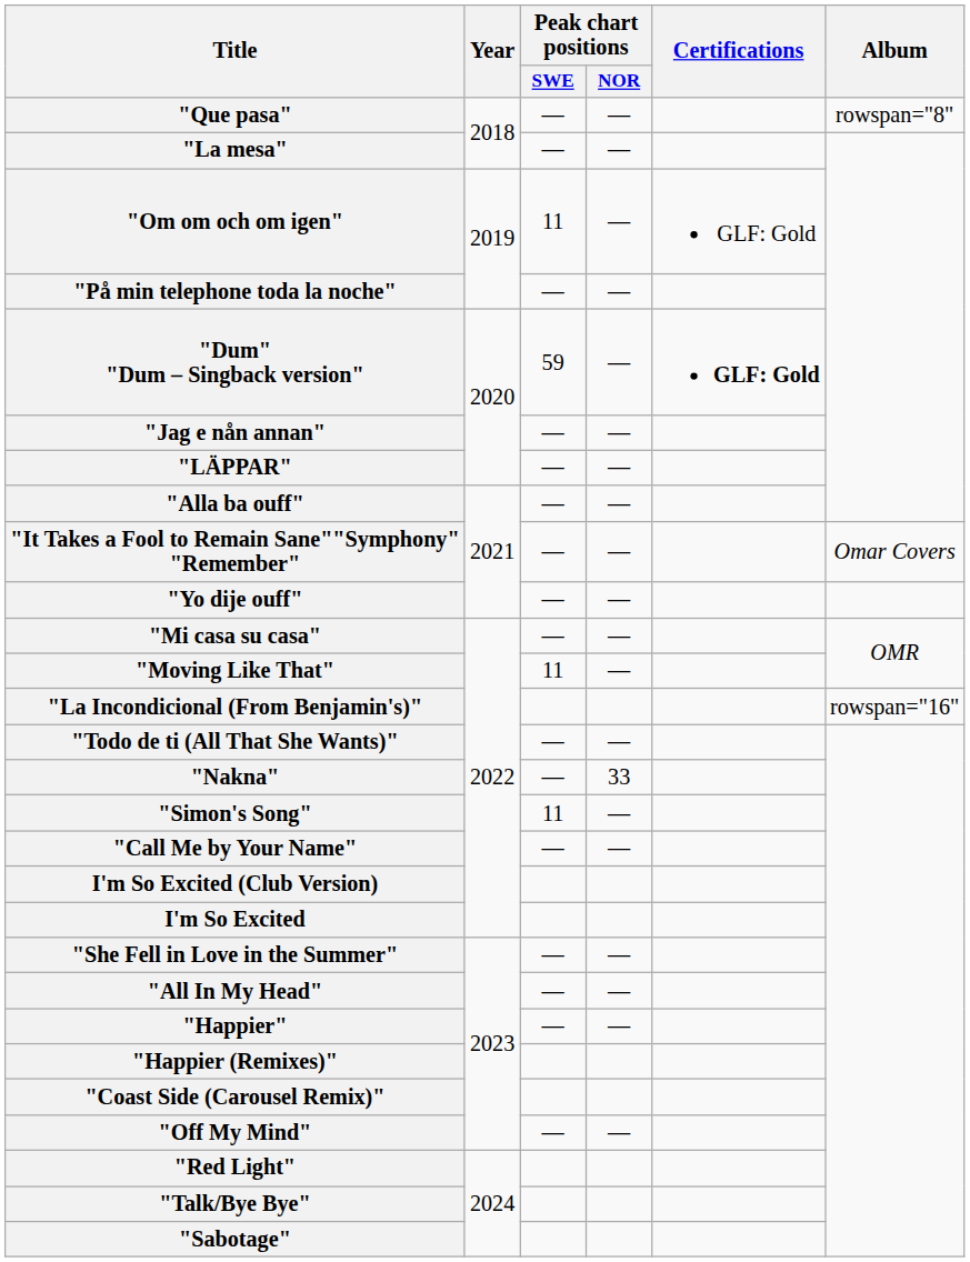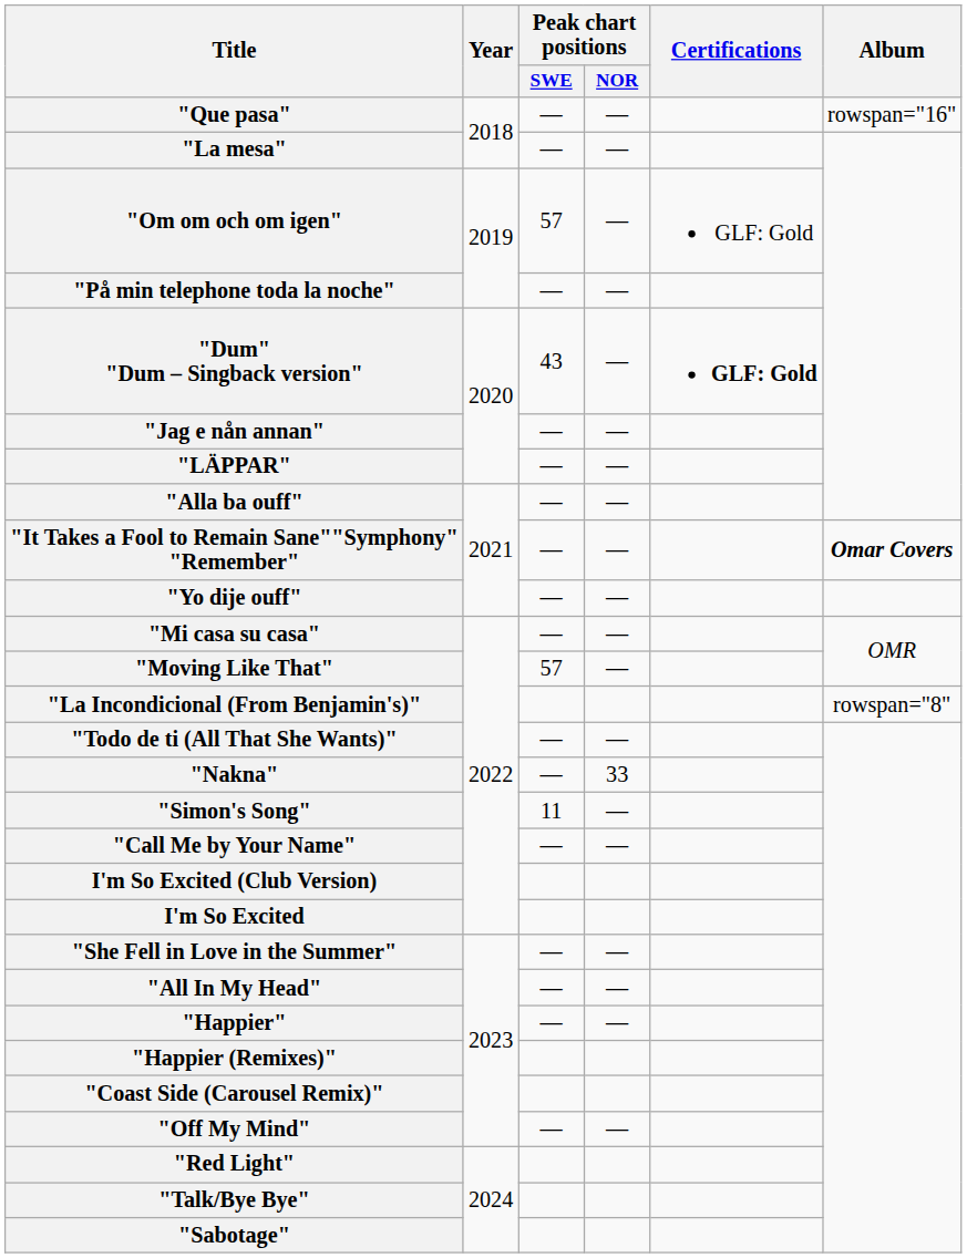 <table class="wikitable plainrowheaders" style="text-align:center;">
 <tr>
 <th scope="col" rowspan="2">Title</th>
 <th scope="col" rowspan="2">Year</th>
 <th scope="col" colspan="2">Peak chart positions</th>
 <th scope="col" rowspan="2"><a href='#'>Certifications</a></th>
 <th scope="col" rowspan="2">Album</th>
 </tr>
 <tr>
 <th scope="col" style="width:3em;font-size:85%;"><a href='#'>SWE</a></th>
 <th scope="col" style="width:3em;font-size:85%;"><a href='#'>NOR</a></th>
 </tr>
 <tr>
 <th scope="row">"Que pasa"<br></th>
 <td rowspan="2">2018</td>
 <td>—</td>
 <td>—</td>
 <td></td>
-<td>rowspan="8" </td>
+<td>rowspan="16" </td>
 </tr>
 <tr>
 <th scope="row">"La mesa"<br></th>
 <td>—</td>
 <td>—</td>
 <td></td>
 </tr>
 <tr>
 <th scope="row">"Om om och om igen"</th>
 <td rowspan="2">2019</td>
-<td>11<br></td>
+<td>57<br></td>
 <td>—</td>
 <td><br><ul><li>GLF: Gold</li></ul></td>
 </tr>
 <tr>
 <th scope="row">"På min telephone toda la noche"</th>
 <td>—</td>
 <td>—</td>
 <td></td>
 </tr>
 <tr>
 <th scope="row">"Dum"<br>"Dum – Singback version"</th>
 <td rowspan="3">2020</td>
-<td>59<br></td>
+<td>43<br></td>
 <td>—</td>
 <td><strong><br><ul><li>GLF: Gold</li></ul></strong></td>
 </tr>
 <tr>
 <th scope="row">"Jag e nån annan"</th>
 <td>—</td>
 <td>—</td>
 <td></td>
 </tr>
 <tr>
 <th scope="row">"LÄPPAR"</th>
 <td>—</td>
 <td>—</td>
 <td></td>
 </tr>
 <tr>
 <th scope="row">"Alla ba ouff"</th>
 <td rowspan="3">2021</td>
 <td>—</td>
 <td>—</td>
 <td></td>
 </tr>
 <tr>
 <th scope="row">"It Takes a Fool to Remain Sane""Symphony"<br>"Remember"</th>
 <td>—</td>
 <td>—</td>
 <td></td>
-<td><em>Omar Covers</em></td>
+<td><strong><em>Omar Covers</em></strong></td>
 </tr>
 <tr>
 <th scope="row">"Yo dije ouff"</th>
 <td>—</td>
 <td>—</td>
 <td></td>
 <td></td>
 </tr>
 <tr>
 <th scope="row">"Mi casa su casa"</th>
 <td rowspan="9">2022</td>
 <td>—</td>
 <td>—</td>
 <td></td>
 <td rowspan="2"><em>OMR</em></td>
 </tr>
 <tr>
 <th scope="row">"Moving Like That"</th>
-<td>11<br></td>
+<td>57<br></td>
 <td>—</td>
 <td></td>
 </tr>
 <tr>
 <th scope="row">"La Incondicional (From Benjamin's)"</th>
 <td></td>
 <td></td>
 <td></td>
-<td>rowspan="16" </td>
+<td>rowspan="8" </td>
 </tr>
 <tr>
 <th scope="row">"Todo de ti (All That She Wants)"</th>
 <td>—</td>
 <td>—</td>
 <td></td>
 </tr>
 <tr>
 <th scope="row">"Nakna"<br></th>
 <td>—</td>
 <td>33<br></td>
 <td></td>
 </tr>
 <tr>
 <th scope="row">"Simon's Song"</th>
 <td>11<br></td>
 <td>—</td>
 <td></td>
 </tr>
 <tr>
 <th scope="row">"Call Me by Your Name"<br></th>
 <td>—</td>
 <td>—</td>
 <td></td>
 </tr>
 <tr>
 <th scope="row">I'm So Excited (Club Version)</th>
 <td></td>
 <td></td>
 <td></td>
 </tr>
 <tr>
 <th scope="row">I'm So Excited</th>
 <td></td>
 <td></td>
 <td></td>
 </tr>
 <tr>
 <th scope="row">"She Fell in Love in the Summer"</th>
 <td rowspan="6">2023</td>
 <td>—</td>
 <td>—</td>
 <td></td>
 </tr>
 <tr>
 <th scope="row">"All In My Head"<br></th>
 <td>—</td>
 <td>—</td>
 <td></td>
 </tr>
 <tr>
 <th scope="row">"Happier"</th>
 <td>—</td>
 <td>—</td>
 <td></td>
 </tr>
 <tr>
 <th scope="row">"Happier (Remixes)"</th>
 <td></td>
 <td></td>
 <td></td>
 </tr>
 <tr>
 <th scope="row">"Coast Side (Carousel Remix)"</th>
 <td></td>
 <td></td>
 <td></td>
 </tr>
 <tr>
 <th scope="row">"Off My Mind"<br></th>
 <td>—</td>
 <td>—</td>
 <td></td>
 </tr>
 <tr>
 <th scope="row">"Red Light"</th>
 <td rowspan="3">2024</td>
 <td></td>
 <td></td>
 <td></td>
 </tr>
 <tr>
 <th scope="row">"Talk/Bye Bye"</th>
 <td></td>
 <td></td>
 <td></td>
 </tr>
 <tr>
 <th scope="row">"Sabotage"</th>
 <td></td>
 <td></td>
 <td></td>
 </tr>
 </table>
